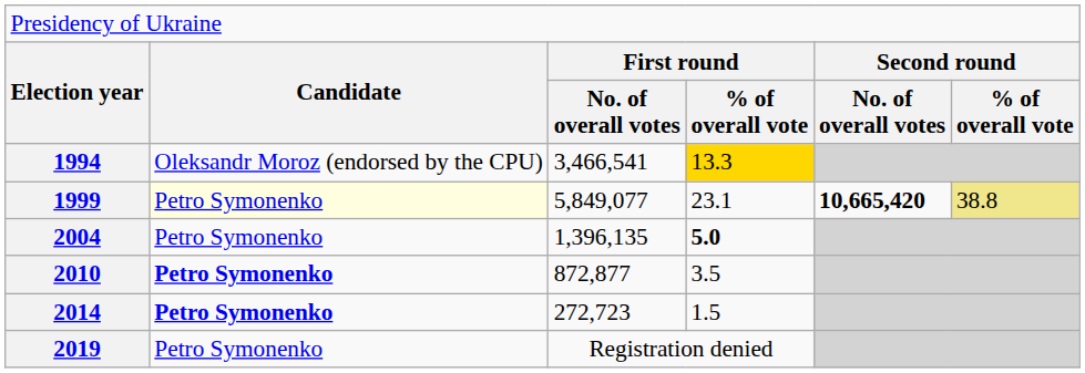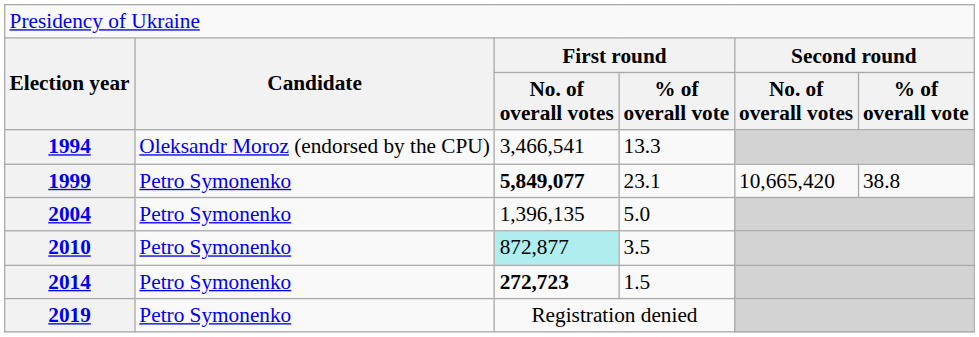 <table class=wikitable>
 <tr>
 <td colspan=7><a href='#'>Presidency of Ukraine</a></td>
 </tr>
 <tr>
 <th rowspan=2>Election year</th>
 <th rowspan=2>Candidate</th>
 <th colspan=2>First round</th>
 <th colspan=2>Second round</th>
 </tr>
 <tr>
 <th>No. of<br>overall votes</th>
 <th>% of<br>overall vote</th>
 <th>No. of<br>overall votes</th>
 <th>% of<br>overall vote</th>
 </tr>
 <tr>
 <th><a href='#'>1994</a></th>
 <td><a href='#'>Oleksandr Moroz</a> (endorsed by the CPU)</td>
 <td>3,466,541</td>
-<td style="background: gold;">13.3</td>
+<td>13.3</td>
 <td colspan=2 bgcolor=lightgrey></td>
 </tr>
 <tr>
 <th><a href='#'>1999</a></th>
-<td style="background: lightyellow;"><a href='#'>Petro Symonenko</a></td>
-<td>5,849,077</td>
+<td><a href='#'>Petro Symonenko</a></td>
+<td><strong>5,849,077</strong></td>
 <td>23.1</td>
-<td><strong>10,665,420</strong></td>
-<td style="background: khaki;">38.8</td>
+<td>10,665,420</td>
+<td>38.8</td>
 </tr>
 <tr>
 <th><a href='#'>2004</a></th>
 <td><a href='#'>Petro Symonenko</a></td>
 <td>1,396,135</td>
-<td><strong>5.0</strong></td>
+<td>5.0</td>
 <td colspan=2 bgcolor=lightgrey></td>
 </tr>
 <tr>
 <th><a href='#'>2010</a></th>
-<td><strong><a href='#'>Petro Symonenko</a></strong></td>
-<td>872,877</td>
+<td><a href='#'>Petro Symonenko</a></td>
+<td style="background: paleturquoise;">872,877</td>
 <td>3.5</td>
 <td colspan=2 bgcolor=lightgrey></td>
 </tr>
 <tr>
 <th><a href='#'>2014</a></th>
-<td><strong><a href='#'>Petro Symonenko</a></strong></td>
-<td>272,723</td>
+<td><a href='#'>Petro Symonenko</a></td>
+<td><strong>272,723</strong></td>
 <td>1.5</td>
 <td colspan=2 bgcolor=lightgrey></td>
 </tr>
 <tr>
 <th><a href='#'>2019</a></th>
 <td><a href='#'>Petro Symonenko</a></td>
 <td colspan=2 align=center bgcolor=>Registration denied</td>
 <td colspan=2 bgcolor=lightgrey></td>
 </tr>
 </table>
